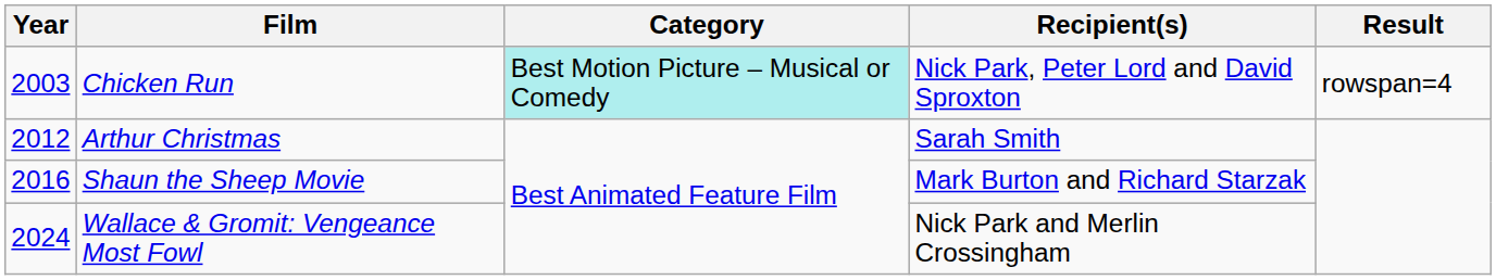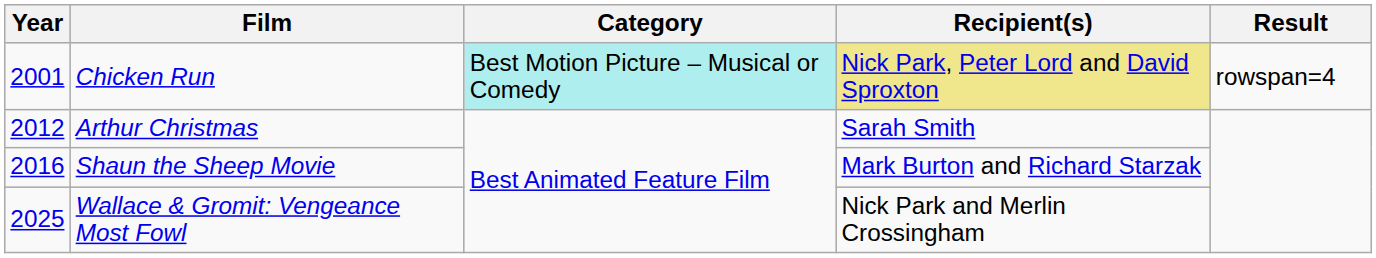 <table class="wikitable" style="max-width:900px;">
 <tr>
 <th width=35px>Year</th>
 <th width=265px>Film</th>
 <th width=250px>Category</th>
 <th width=250px>Recipient(s)</th>
 <th width=100px>Result</th>
 </tr>
 <tr>
-<td><a href='#'>2003</a></td>
+<td><a href='#'>2001</a></td>
 <td rowspan=1><em><a href='#'>Chicken Run</a></em></td>
 <td style="background: paleturquoise;">Best Motion Picture – Musical or Comedy</td>
-<td><a href='#'>Nick Park</a>, <a href='#'>Peter Lord</a> and <a href='#'>David Sproxton</a></td>
+<td style="background: khaki;"><a href='#'>Nick Park</a>, <a href='#'>Peter Lord</a> and <a href='#'>David Sproxton</a></td>
 <td>rowspan=4  </td>
 </tr>
 <tr>
 <td><a href='#'>2012</a></td>
 <td rowspan=1><em><a href='#'>Arthur Christmas</a></em></td>
 <td rowspan=3><a href='#'>Best Animated Feature Film</a></td>
 <td><a href='#'>Sarah Smith</a></td>
 </tr>
 <tr>
 <td><a href='#'>2016</a></td>
 <td><em><a href='#'>Shaun the Sheep Movie</a></em></td>
 <td><a href='#'>Mark Burton</a> and <a href='#'>Richard Starzak</a></td>
 </tr>
 <tr>
-<td><a href='#'>2024</a></td>
+<td><a href='#'>2025</a></td>
 <td><em><a href='#'>Wallace & Gromit: Vengeance Most Fowl</a></em></td>
 <td>Nick Park and Merlin Crossingham</td>
 </tr>
 </table>
